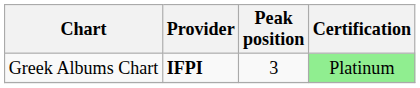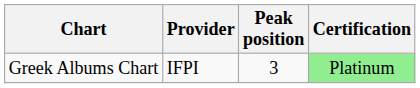 <table class="wikitable">
 <tr>
 <th>Chart</th>
 <th>Provider</th>
 <th>Peak<br>position</th>
 <th>Certification</th>
 </tr>
 <tr>
 <td>Greek Albums Chart</td>
-<td><strong>IFPI</strong></td>
+<td>IFPI</td>
 <td style="text-align:center;">3</td>
 <td style="background: lightgreen; text-align:center;">Platinum</td>
 </tr>
 <tr>
 </tr>
 </table>
